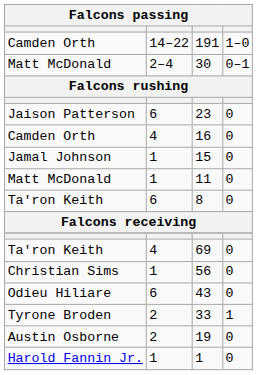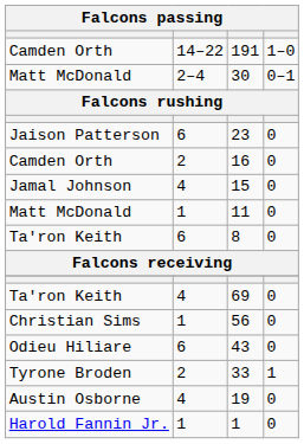 <table class="wikitable plainrowheaders">
 <tr>
 <th colspan="6">Falcons passing</th>
 </tr>
 <tr>
 <th scope="col"></th>
 <th scope="col"></th>
 <th scope="col"></th>
 <th scope="col"></th>
 </tr>
 <tr>
 <td>Camden Orth</td>
 <td>14–22</td>
 <td>191</td>
 <td>1–0</td>
 </tr>
 <tr>
 <td>Matt McDonald</td>
 <td>2–4</td>
 <td>30</td>
 <td>0–1</td>
 </tr>
 <tr>
 <th colspan="6">Falcons rushing</th>
 </tr>
 <tr>
 <th scope="col"></th>
 <th scope="col"></th>
 <th scope="col"></th>
 <th scope="col"></th>
 </tr>
 <tr>
 <td>Jaison Patterson</td>
 <td>6</td>
 <td>23</td>
 <td>0</td>
 </tr>
 <tr>
 <td>Camden Orth</td>
-<td>4</td>
+<td>2</td>
 <td>16</td>
 <td>0</td>
 </tr>
 <tr>
 <td>Jamal Johnson</td>
-<td>1</td>
+<td>4</td>
 <td>15</td>
 <td>0</td>
 </tr>
 <tr>
 <td>Matt McDonald</td>
 <td>1</td>
 <td>11</td>
 <td>0</td>
 </tr>
 <tr>
 <td>Ta'ron Keith</td>
 <td>6</td>
 <td>8</td>
 <td>0</td>
 </tr>
 <tr>
 <th colspan="6">Falcons receiving</th>
 </tr>
 <tr>
 </tr>
 <tr>
 <th scope="col"></th>
 <th scope="col"></th>
 <th scope="col"></th>
 <th scope="col"></th>
 </tr>
 <tr>
 <td>Ta'ron Keith</td>
 <td>4</td>
 <td>69</td>
 <td>0</td>
 </tr>
 <tr>
 <td>Christian Sims</td>
 <td>1</td>
 <td>56</td>
 <td>0</td>
 </tr>
 <tr>
 <td>Odieu Hiliare</td>
 <td>6</td>
 <td>43</td>
 <td>0</td>
 </tr>
 <tr>
 <td>Tyrone Broden</td>
 <td>2</td>
 <td>33</td>
 <td>1</td>
 </tr>
 <tr>
 <td>Austin Osborne</td>
-<td>2</td>
+<td>4</td>
 <td>19</td>
 <td>0</td>
 </tr>
 <tr>
 <td><a href='#'>Harold Fannin Jr.</a></td>
 <td>1</td>
 <td>1</td>
 <td>0</td>
 </tr>
 </table>
